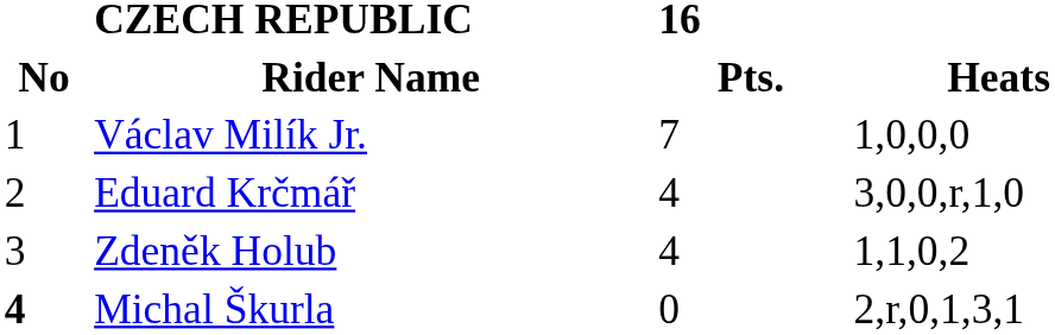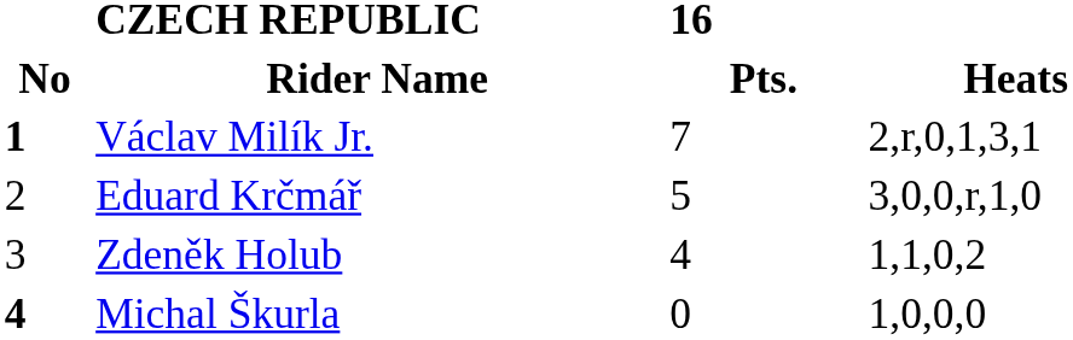 <table class="toccolours">
 <tr>
 <td></td>
 <td><strong>CZECH REPUBLIC</strong></td>
 <td><strong>16</strong></td>
 </tr>
 <tr>
 <th width=30px>No</th>
 <th width=210px>Rider Name</th>
 <th width=70px>Pts.</th>
 <th width=110px>Heats</th>
 </tr>
 <tr style="background-color:">
-<td>1</td>
+<td><strong>1</strong></td>
 <td><a href='#'>Václav Milík Jr.</a></td>
 <td>7</td>
-<td>1,0,0,0</td>
+<td>2,r,0,1,3,1</td>
 </tr>
 <tr style="background-color:">
 <td>2</td>
 <td><a href='#'>Eduard Krčmář</a></td>
-<td>4</td>
+<td>5</td>
 <td>3,0,0,r,1,0</td>
 </tr>
 <tr style="background-color:">
 <td>3</td>
 <td><a href='#'>Zdeněk Holub</a></td>
 <td>4</td>
 <td>1,1,0,2</td>
 </tr>
 <tr style="background-color:">
 <td><strong>4</strong></td>
 <td><a href='#'>Michal Škurla</a></td>
 <td>0</td>
-<td>2,r,0,1,3,1</td>
+<td>1,0,0,0</td>
 </tr>
 </table>
